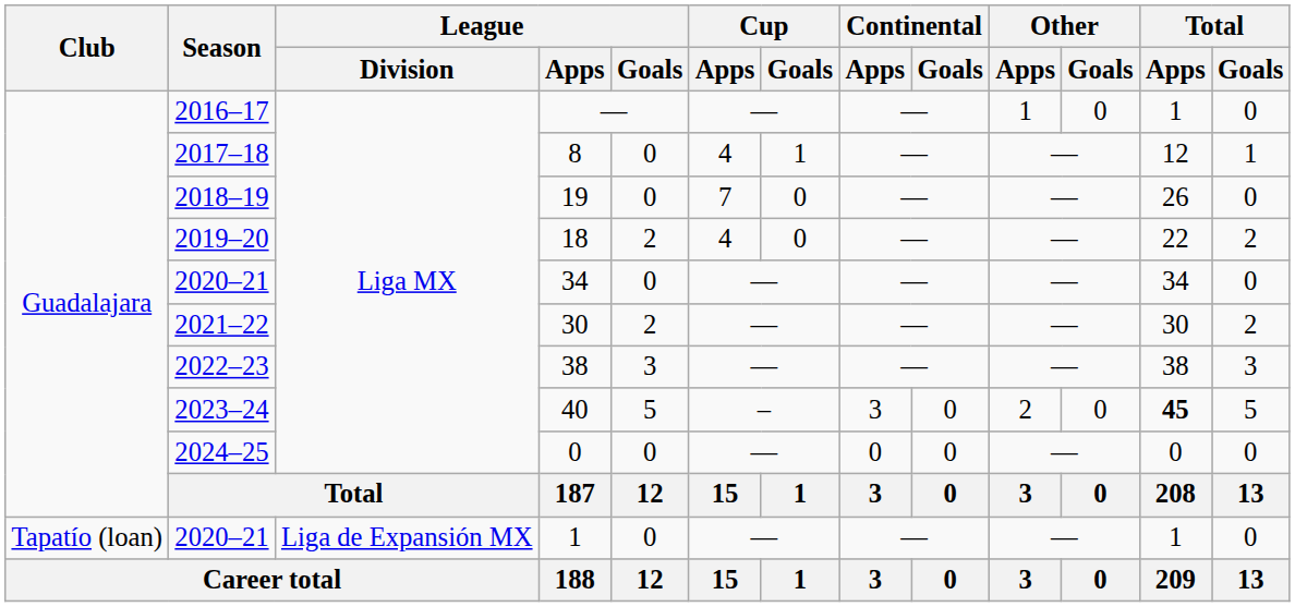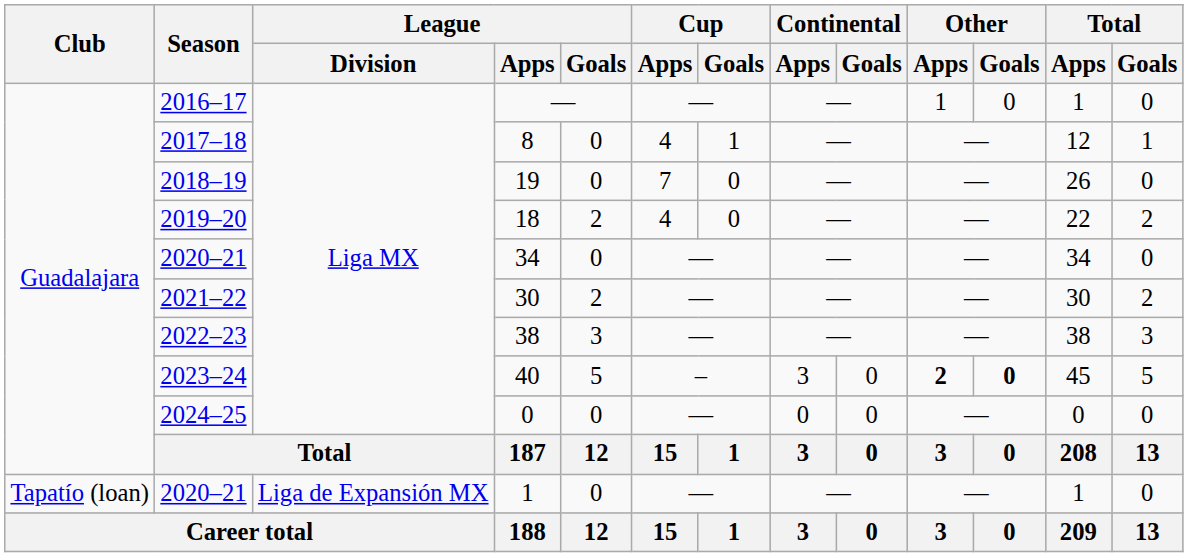 <table class="wikitable" style="text-align:center">
 <tr>
 <th rowspan="2">Club</th>
 <th rowspan="2">Season</th>
 <th colspan="3">League</th>
 <th colspan="2">Cup</th>
 <th colspan="2">Continental</th>
 <th colspan="2">Other</th>
 <th colspan="2">Total</th>
 </tr>
 <tr>
 <th>Division</th>
 <th>Apps</th>
 <th>Goals</th>
 <th>Apps</th>
 <th>Goals</th>
 <th>Apps</th>
 <th>Goals</th>
 <th>Apps</th>
 <th>Goals</th>
 <th>Apps</th>
 <th>Goals</th>
 </tr>
 <tr>
 <td rowspan="10"><a href='#'>Guadalajara</a></td>
 <td><a href='#'>2016–17</a></td>
 <td rowspan="9"><a href='#'>Liga MX</a></td>
 <td colspan=2>—</td>
 <td colspan=2>—</td>
 <td colspan=2>—</td>
 <td>1</td>
 <td>0</td>
 <td>1</td>
 <td>0</td>
 </tr>
 <tr>
 <td><a href='#'>2017–18</a></td>
 <td>8</td>
 <td>0</td>
 <td>4</td>
 <td>1</td>
 <td colspan=2>—</td>
 <td colspan=2>—</td>
 <td>12</td>
 <td>1</td>
 </tr>
 <tr>
 <td><a href='#'>2018–19</a></td>
 <td>19</td>
 <td>0</td>
 <td>7</td>
 <td>0</td>
 <td colspan=2>—</td>
 <td colspan=2>—</td>
 <td>26</td>
 <td>0</td>
 </tr>
 <tr>
 <td><a href='#'>2019–20</a></td>
 <td>18</td>
 <td>2</td>
 <td>4</td>
 <td>0</td>
 <td colspan=2>—</td>
 <td colspan=2>—</td>
 <td>22</td>
 <td>2</td>
 </tr>
 <tr>
 <td><a href='#'>2020–21</a></td>
 <td>34</td>
 <td>0</td>
 <td colspan=2>—</td>
 <td colspan=2>—</td>
 <td colspan=2>—</td>
 <td>34</td>
 <td>0</td>
 </tr>
 <tr>
 <td><a href='#'>2021–22</a></td>
 <td>30</td>
 <td>2</td>
 <td colspan=2>—</td>
 <td colspan=2>—</td>
 <td colspan=2>—</td>
 <td>30</td>
 <td>2</td>
 </tr>
 <tr>
 <td><a href='#'>2022–23</a></td>
 <td>38</td>
 <td>3</td>
 <td colspan=2>—</td>
 <td colspan=2>—</td>
 <td colspan=2>—</td>
 <td>38</td>
 <td>3</td>
 </tr>
 <tr>
 <td><a href='#'>2023–24</a></td>
 <td>40</td>
 <td>5</td>
 <td colspan="2">–</td>
 <td>3</td>
 <td>0</td>
-<td>2</td>
-<td>0</td>
-<td><strong>45</strong></td>
+<td><strong>2</strong></td>
+<td><strong>0</strong></td>
+<td>45</td>
 <td>5</td>
 </tr>
 <tr>
 <td><a href='#'>2024–25</a></td>
 <td>0</td>
 <td>0</td>
 <td colspan=2>—</td>
 <td>0</td>
 <td>0</td>
 <td colspan=2>—</td>
 <td>0</td>
 <td>0</td>
 </tr>
 <tr>
 <th colspan="2">Total</th>
 <th>187</th>
 <th>12</th>
 <th>15</th>
 <th>1</th>
 <th>3</th>
 <th>0</th>
 <th>3</th>
 <th>0</th>
 <th>208</th>
 <th>13</th>
 </tr>
 <tr>
 <td><a href='#'>Tapatío</a> (loan)</td>
 <td><a href='#'>2020–21</a></td>
 <td><a href='#'>Liga de Expansión MX</a></td>
 <td>1</td>
 <td>0</td>
 <td colspan=2>—</td>
 <td colspan=2>—</td>
 <td colspan=2>—</td>
 <td>1</td>
 <td>0</td>
 </tr>
 <tr>
 <th colspan="3">Career total</th>
 <th>188</th>
 <th>12</th>
 <th>15</th>
 <th>1</th>
 <th>3</th>
 <th>0</th>
 <th>3</th>
 <th>0</th>
 <th>209</th>
 <th>13</th>
 </tr>
 </table>
